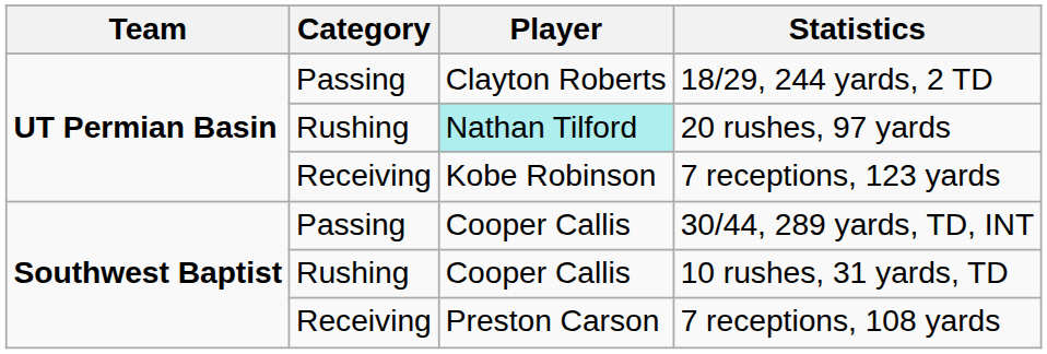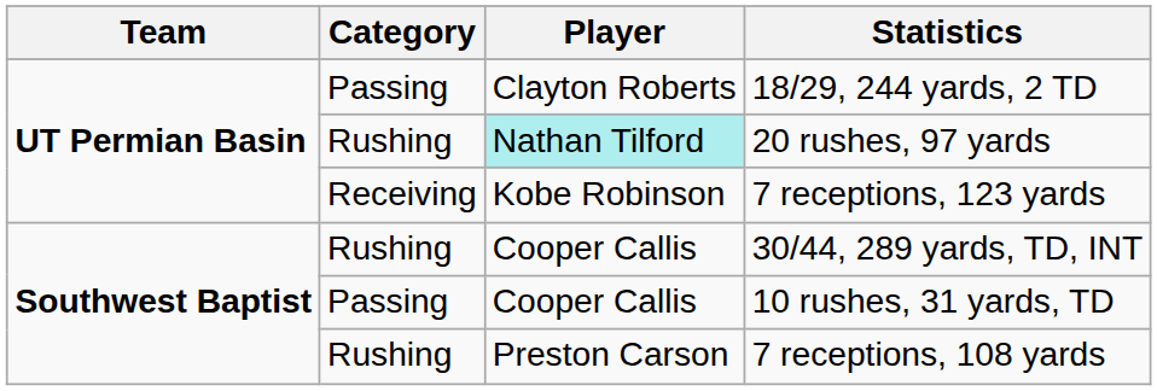 <table class="wikitable" style="float: right;">
 <tr>
 <th>Team</th>
 <th>Category</th>
 <th>Player</th>
 <th>Statistics</th>
 </tr>
 <tr>
 <td rowspan=3><strong>UT Permian Basin</strong></td>
 <td>Passing</td>
 <td>Clayton Roberts</td>
 <td>18/29, 244 yards, 2 TD</td>
 </tr>
 <tr>
 <td>Rushing</td>
 <td style="background: paleturquoise;">Nathan Tilford</td>
 <td>20 rushes, 97 yards</td>
 </tr>
 <tr>
 <td>Receiving</td>
 <td>Kobe Robinson</td>
 <td>7 receptions, 123 yards</td>
 </tr>
 <tr>
 <td rowspan=3><strong>Southwest Baptist</strong></td>
-<td>Passing</td>
+<td>Rushing</td>
 <td>Cooper Callis</td>
 <td>30/44, 289 yards, TD, INT</td>
 </tr>
 <tr>
-<td>Rushing</td>
+<td>Passing</td>
 <td>Cooper Callis</td>
 <td>10 rushes, 31 yards, TD</td>
 </tr>
 <tr>
-<td>Receiving</td>
+<td>Rushing</td>
 <td>Preston Carson</td>
 <td>7 receptions, 108 yards</td>
 </tr>
 </table>
